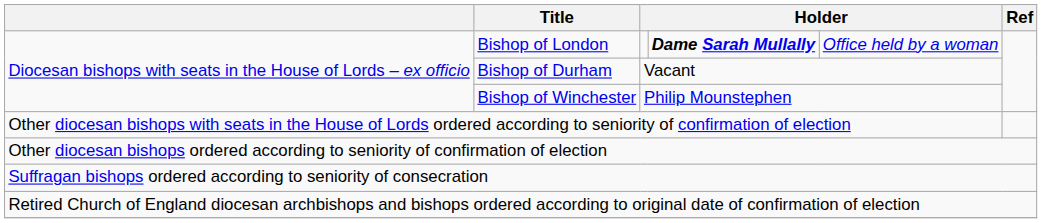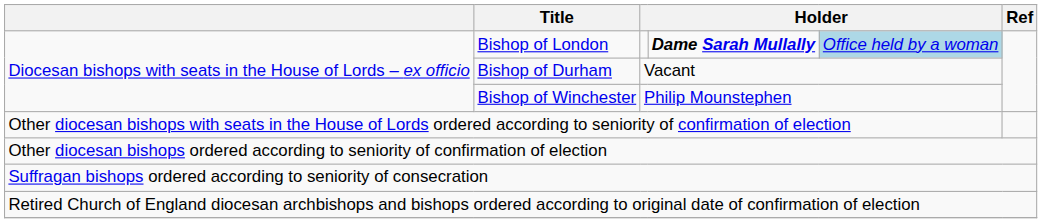 <table class="wikitable">
 <tr>
 <th></th>
 <th>Title</th>
 <th colspan=3>Holder</th>
 <th>Ref</th>
 </tr>
 <tr>
 <td rowspan=3><a href='#'>Diocesan bishops with seats in the House of Lords – <em>ex officio</em></a></td>
 <td><a href='#'>Bishop of London</a></td>
 <td style="background: "></td>
 <td><strong><em> Dame <a href='#'>Sarah Mullally</a></em></strong></td>
-<td><em><a href='#'>Office held by a woman</a></em></td>
+<td style="background: lightblue;"><em><a href='#'>Office held by a woman</a></em></td>
 <td rowspan=3></td>
 </tr>
 <tr>
 <td><a href='#'>Bishop of Durham</a></td>
 <td colspan=3>Vacant</td>
 </tr>
 <tr>
 <td><a href='#'>Bishop of Winchester</a></td>
 <td colspan=3><a href='#'>Philip Mounstephen</a></td>
 </tr>
 <tr>
 <td colspan=5>Other <a href='#'>diocesan bishops with seats in the House of Lords</a> ordered according to seniority of <a href='#'>confirmation of election</a></td>
 <td></td>
 </tr>
 <tr>
 <td colspan=6>Other <a href='#'>diocesan bishops</a> ordered according to seniority of confirmation of election</td>
 </tr>
 <tr>
 <td colspan=6><a href='#'>Suffragan bishops</a> ordered according to seniority of consecration</td>
 </tr>
 <tr>
 <td colspan=6>Retired Church of England diocesan archbishops and bishops ordered according to original date of confirmation of election</td>
 </tr>
 <tr>
 </tr>
 </table>
